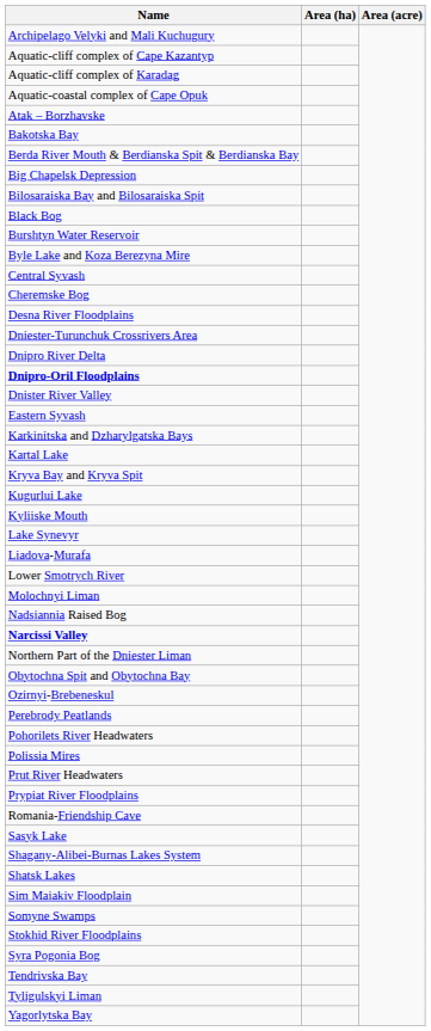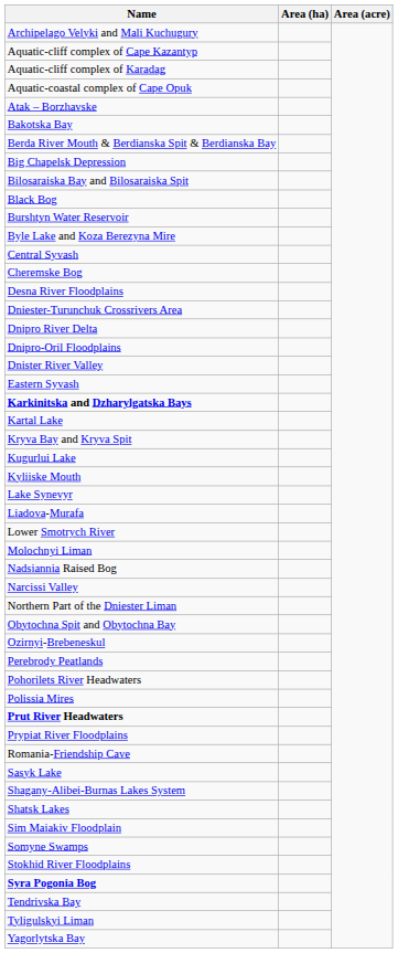 <table class="wikitable">
 <tr>
 <th scope="col" align=left>Name</th>
 <th scope="col">Area (ha)</th>
 <th scope="col">Area (acre)</th>
 </tr>
 <tr ---->
 <td><a href='#'>Archipelago Velyki</a> and <a href='#'>Mali Kuchugury</a></td>
 <td></td>
 </tr>
 <tr ---->
 <td>Aquatic-cliff complex of <a href='#'>Cape Kazantyp</a></td>
 <td></td>
 </tr>
 <tr ---->
 <td>Aquatic-cliff complex of <a href='#'>Karadag</a></td>
 <td></td>
 </tr>
 <tr ---->
 <td>Aquatic-coastal complex of <a href='#'>Cape Opuk</a></td>
 <td></td>
 </tr>
 <tr ---->
 <td><a href='#'>Atak – Borzhavske</a></td>
 <td></td>
 </tr>
 <tr ---->
 <td><a href='#'>Bakotska Bay</a></td>
 <td></td>
 </tr>
 <tr ---->
 <td><a href='#'>Berda River Mouth</a> & <a href='#'>Berdianska Spit</a> & <a href='#'>Berdianska Bay</a></td>
 <td></td>
 </tr>
 <tr ---->
 <td><a href='#'>Big Chapelsk Depression</a></td>
 <td></td>
 </tr>
 <tr ---->
 <td><a href='#'>Bilosaraiska Bay</a> and <a href='#'>Bilosaraiska Spit</a></td>
 <td></td>
 </tr>
 <tr ---->
 <td><a href='#'>Black Bog</a></td>
 <td></td>
 </tr>
 <tr ---->
 <td><a href='#'>Burshtyn Water Reservoir</a></td>
 <td></td>
 </tr>
 <tr ---->
 <td><a href='#'>Byle Lake</a> and <a href='#'>Koza Berezyna Mire</a></td>
 <td></td>
 </tr>
 <tr ---->
 <td><a href='#'>Central Syvash</a></td>
 <td></td>
 </tr>
 <tr ---->
 <td><a href='#'>Cheremske Bog</a></td>
 <td></td>
 </tr>
 <tr ---->
 <td><a href='#'>Desna River Floodplains</a></td>
 <td></td>
 </tr>
 <tr ---->
 <td><a href='#'>Dniester-Turunchuk Crossrivers Area</a></td>
 <td></td>
 </tr>
 <tr ---->
 <td><a href='#'>Dnipro River Delta</a></td>
 <td></td>
 </tr>
 <tr ---->
-<td><strong><a href='#'>Dnipro-Oril Floodplains</a></strong></td>
+<td><a href='#'>Dnipro-Oril Floodplains</a></td>
 <td></td>
 </tr>
 <tr ---->
 <td><a href='#'>Dnister River Valley</a></td>
 <td></td>
 </tr>
 <tr ---->
 <td><a href='#'>Eastern Syvash</a></td>
 <td></td>
 </tr>
 <tr ---->
-<td><a href='#'>Karkinitska</a> and <a href='#'>Dzharylgatska Bays</a></td>
+<td><strong><a href='#'>Karkinitska</a> and <a href='#'>Dzharylgatska Bays</a></strong></td>
 <td></td>
 </tr>
 <tr ---->
 <td><a href='#'>Kartal Lake</a></td>
 <td></td>
 </tr>
 <tr ---->
 <td><a href='#'>Kryva Bay</a> and <a href='#'>Kryva Spit</a></td>
 <td></td>
 </tr>
 <tr ---->
 <td><a href='#'>Kugurlui Lake</a></td>
 <td></td>
 </tr>
 <tr ---->
 <td><a href='#'>Kyliiske Mouth</a></td>
 <td></td>
 </tr>
 <tr ---->
 <td><a href='#'>Lake Synevyr</a></td>
 <td></td>
 </tr>
 <tr ---->
 <td><a href='#'>Liadova</a>-<a href='#'>Murafa</a></td>
 <td></td>
 </tr>
 <tr ---->
 <td>Lower <a href='#'>Smotrych River</a></td>
 <td></td>
 </tr>
 <tr ---->
 <td><a href='#'>Molochnyi Liman</a></td>
 <td></td>
 </tr>
 <tr ---->
 <td><a href='#'>Nadsiannia</a> Raised Bog</td>
 <td></td>
 </tr>
 <tr ---->
-<td><strong><a href='#'>Narcissi Valley</a></strong></td>
+<td><a href='#'>Narcissi Valley</a></td>
 <td></td>
 </tr>
 <tr ---->
 <td>Northern Part of the <a href='#'>Dniester Liman</a></td>
 <td></td>
 </tr>
 <tr ---->
 <td><a href='#'>Obytochna Spit</a> and <a href='#'>Obytochna Bay</a></td>
 <td></td>
 </tr>
 <tr ---->
 <td><a href='#'>Ozirnyi</a>-<a href='#'>Brebeneskul</a></td>
 <td></td>
 </tr>
 <tr ---->
 <td><a href='#'>Perebrody Peatlands</a></td>
 <td></td>
 </tr>
 <tr ---->
 <td><a href='#'>Pohorilets River</a> Headwaters</td>
 <td></td>
 </tr>
 <tr ---->
 <td><a href='#'>Polissia Mires</a></td>
 <td></td>
 </tr>
 <tr ---->
-<td><a href='#'>Prut River</a> Headwaters</td>
+<td><strong><a href='#'>Prut River</a> Headwaters</strong></td>
 <td></td>
 </tr>
 <tr ---->
 <td><a href='#'>Prypiat River Floodplains</a></td>
 <td></td>
 </tr>
 <tr ---->
 <td>Romania-<a href='#'>Friendship Cave</a></td>
 <td></td>
 </tr>
 <tr ---->
 <td><a href='#'>Sasyk Lake</a></td>
 <td></td>
 </tr>
 <tr ---->
 <td><a href='#'>Shagany-Alibei-Burnas Lakes System</a></td>
 <td></td>
 </tr>
 <tr ---->
 <td><a href='#'>Shatsk Lakes</a></td>
 <td></td>
 </tr>
 <tr ---->
 <td><a href='#'>Sim Maiakiv Floodplain</a></td>
 <td></td>
 </tr>
 <tr ---->
 <td><a href='#'>Somyne Swamps</a></td>
 <td></td>
 </tr>
 <tr ---->
 <td><a href='#'>Stokhid River Floodplains</a></td>
 <td></td>
 </tr>
 <tr ---->
-<td><a href='#'>Syra Pogonia Bog</a></td>
+<td><strong><a href='#'>Syra Pogonia Bog</a></strong></td>
 <td></td>
 </tr>
 <tr ---->
 <td><a href='#'>Tendrivska Bay</a></td>
 <td></td>
 </tr>
 <tr ---->
 <td><a href='#'>Tyligulskyi Liman</a></td>
 <td></td>
 </tr>
 <tr ---->
 <td><a href='#'>Yagorlytska Bay</a></td>
 <td></td>
 </tr>
 </table>
